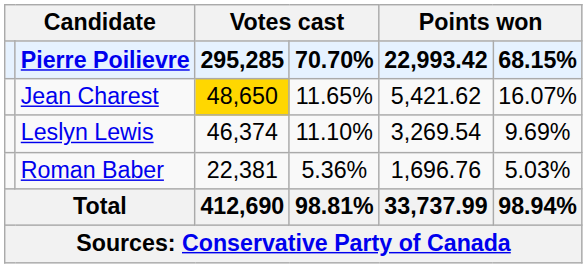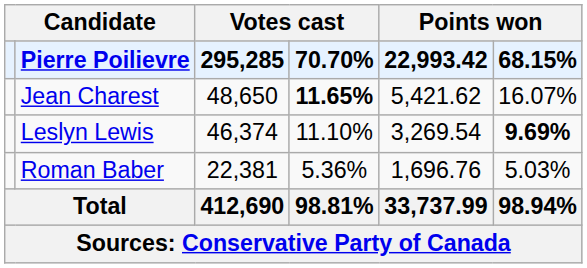 <table class="wikitable">
 <tr>
 <th colspan="2">Candidate</th>
 <th colspan = "2">Votes cast</th>
 <th colspan = "2">Points won</th>
 </tr>
 <tr style="background:#E6F2FF">
 <td></td>
 <td><strong><a href='#'>Pierre Poilievre</a></strong></td>
 <td align = "center"><strong>295,285</strong></td>
 <td align = "center"><strong>70.70%</strong></td>
 <td align = "center"><strong>22,993.42</strong></td>
 <td align = "center"><strong>68.15%</strong></td>
 </tr>
 <tr>
 <td></td>
 <td><a href='#'>Jean Charest</a></td>
-<td align = "center" style="background: gold;">48,650</td>
-<td align = "center">11.65%</td>
+<td align = "center">48,650</td>
+<td align = "center"><strong>11.65%</strong></td>
 <td align = "center">5,421.62</td>
 <td align = "center">16.07%</td>
 </tr>
 <tr>
 <td></td>
 <td><a href='#'>Leslyn Lewis</a></td>
 <td align = "center">46,374</td>
 <td align = "center">11.10%</td>
 <td align = "center">3,269.54</td>
-<td align = "center">9.69%</td>
+<td align = "center"><strong>9.69%</strong></td>
 </tr>
 <tr>
 <td></td>
 <td><a href='#'>Roman Baber</a></td>
 <td align = "center">22,381</td>
 <td align = "center">5.36%</td>
 <td align = "center">1,696.76</td>
 <td align = "center">5.03%</td>
 </tr>
 <tr>
 <th colspan = "2">Total</th>
 <th align = "center">412,690</th>
 <th align = "center">98.81%</th>
 <th align = "center">33,737.99</th>
 <th align = "center">98.94%</th>
 </tr>
 <tr>
 <th colspan="6">Sources: <a href='#'>Conservative Party of Canada</a></th>
 </tr>
 </table>
